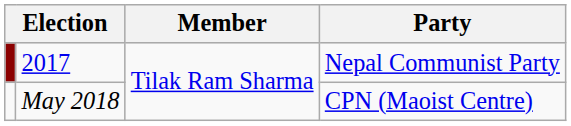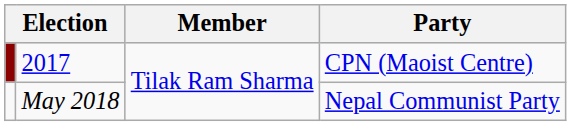 <table class="wikitable">
 <tr>
 <th colspan="2">Election</th>
 <th>Member</th>
 <th>Party</th>
 </tr>
 <tr>
 <td style="background-color:darkred"></td>
 <td><a href='#'>2017</a></td>
 <td rowspan="2"><a href='#'>Tilak Ram Sharma</a></td>
-<td><a href='#'>Nepal Communist Party</a></td>
+<td><a href='#'>CPN (Maoist Centre)</a></td>
 </tr>
 <tr>
 <td style="background-color:"></td>
 <td><em>May 2018</em></td>
-<td><a href='#'>CPN (Maoist Centre)</a></td>
+<td><a href='#'>Nepal Communist Party</a></td>
 </tr>
 </table>
